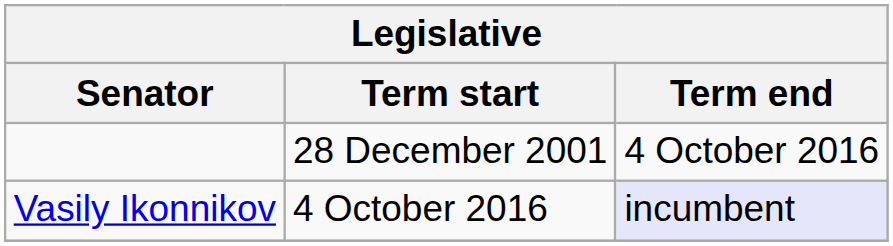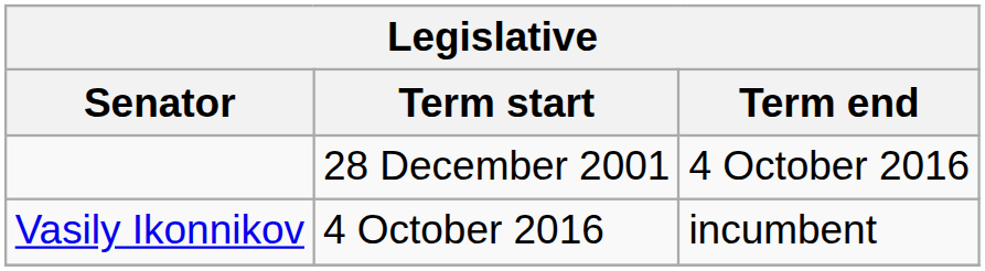 <table class="wikitable sortable">
 <tr>
 <th colspan=3>Legislative</th>
 </tr>
 <tr>
 <th>Senator</th>
 <th>Term start</th>
 <th>Term end</th>
 </tr>
 <tr>
 <td></td>
 <td>28 December 2001</td>
 <td>4 October 2016</td>
 </tr>
 <tr>
 <td><a href='#'>Vasily Ikonnikov</a></td>
 <td>4 October 2016</td>
-<td style="background: lavender;">incumbent</td>
+<td>incumbent</td>
 </tr>
 <tr>
 </tr>
 </table>
